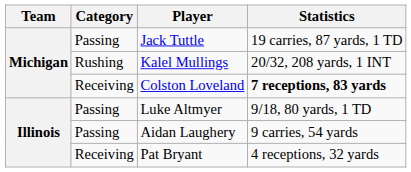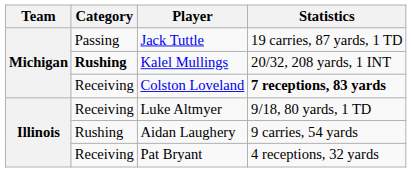 <table class="wikitable" style="float:right">
 <tr>
 <th>Team</th>
 <th>Category</th>
 <th>Player</th>
 <th>Statistics</th>
 </tr>
 <tr>
 <th rowspan=3>Michigan</th>
 <td>Passing</td>
 <td><a href='#'>Jack Tuttle</a></td>
 <td>19 carries, 87 yards, 1 TD</td>
 </tr>
 <tr>
-<td>Rushing</td>
+<td><strong>Rushing</strong></td>
 <td><a href='#'>Kalel Mullings</a></td>
 <td>20/32, 208 yards, 1 INT</td>
 </tr>
 <tr>
 <td>Receiving</td>
 <td><a href='#'>Colston Loveland</a></td>
 <td><strong>7 receptions, 83 yards</strong></td>
 </tr>
 <tr>
 <th rowspan=3>Illinois</th>
-<td>Passing</td>
+<td>Receiving</td>
 <td>Luke Altmyer</td>
 <td>9/18, 80 yards, 1 TD</td>
 </tr>
 <tr>
-<td>Passing</td>
+<td>Rushing</td>
 <td>Aidan Laughery</td>
 <td>9 carries, 54 yards</td>
 </tr>
 <tr>
 <td>Receiving</td>
 <td>Pat Bryant</td>
 <td>4 receptions, 32 yards</td>
 </tr>
 </table>
